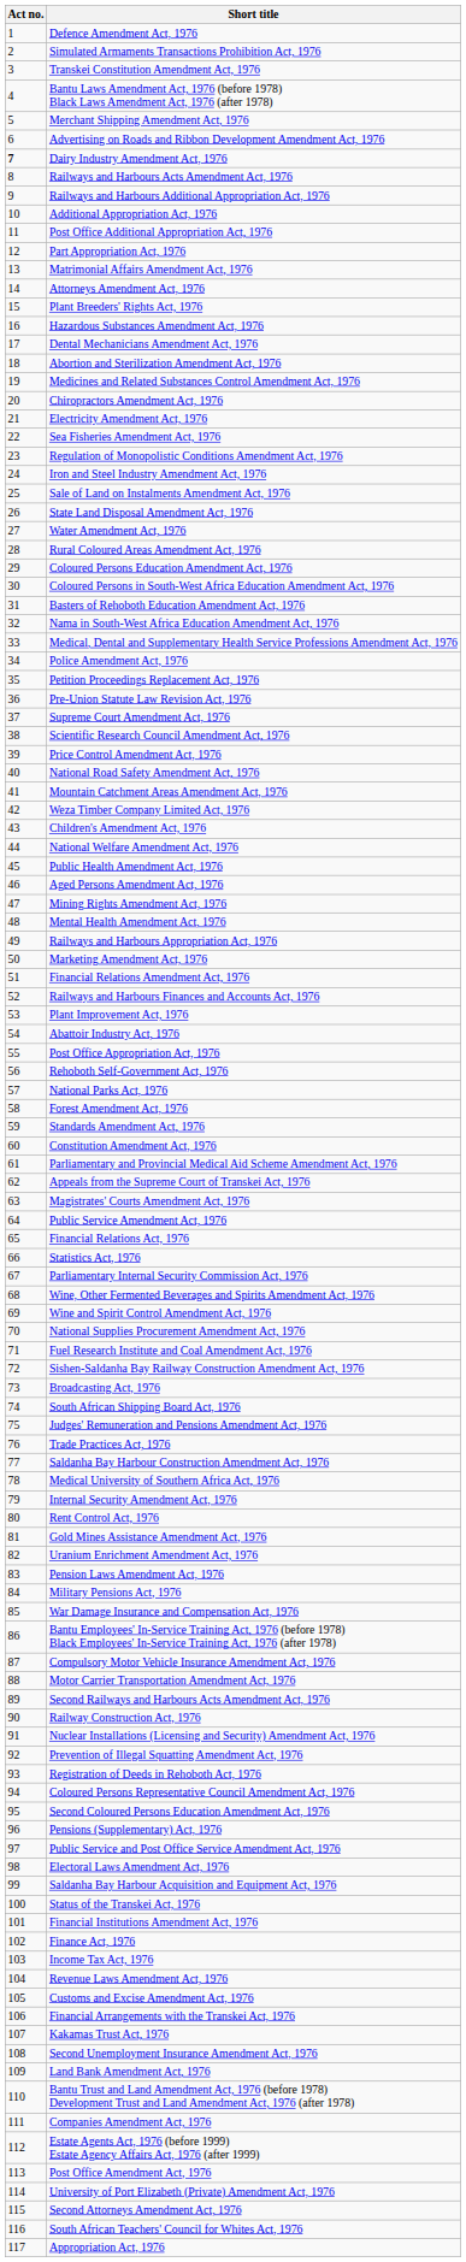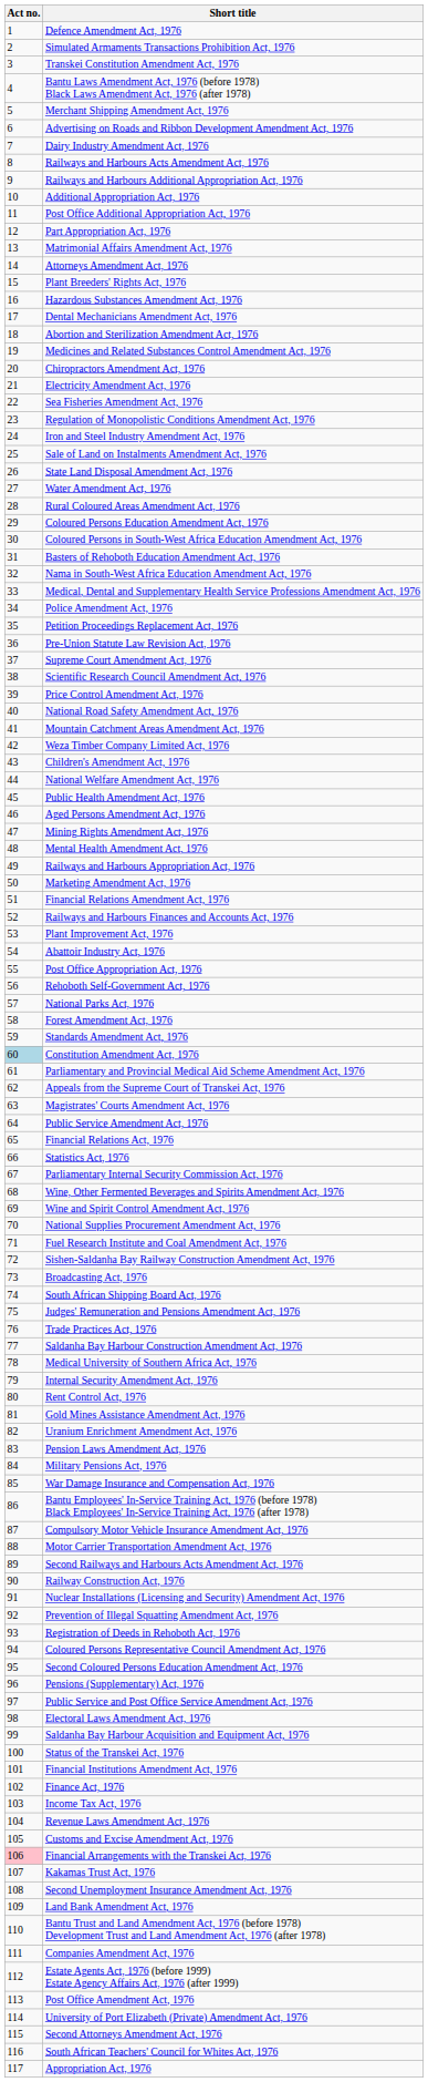 <table class="wikitable sortable">
 <tr>
 <th>Act no.</th>
 <th>Short title</th>
 </tr>
 <tr>
 <td>1</td>
 <td><a href='#'>Defence Amendment Act, 1976</a></td>
 </tr>
 <tr>
 <td>2</td>
 <td><a href='#'>Simulated Armaments Transactions Prohibition Act, 1976</a></td>
 </tr>
 <tr>
 <td>3</td>
 <td><a href='#'>Transkei Constitution Amendment Act, 1976</a></td>
 </tr>
 <tr>
 <td>4</td>
 <td><a href='#'>Bantu Laws Amendment Act, 1976</a> (before 1978) <br><a href='#'>Black Laws Amendment Act, 1976</a> (after 1978)</td>
 </tr>
 <tr>
 <td>5</td>
 <td><a href='#'>Merchant Shipping Amendment Act, 1976</a></td>
 </tr>
 <tr>
 <td>6</td>
 <td><a href='#'>Advertising on Roads and Ribbon Development Amendment Act, 1976</a></td>
 </tr>
 <tr>
-<td><strong>7</strong></td>
+<td>7</td>
 <td><a href='#'>Dairy Industry Amendment Act, 1976</a></td>
 </tr>
 <tr>
 <td>8</td>
 <td><a href='#'>Railways and Harbours Acts Amendment Act, 1976</a></td>
 </tr>
 <tr>
 <td>9</td>
 <td><a href='#'>Railways and Harbours Additional Appropriation Act, 1976</a></td>
 </tr>
 <tr>
 <td>10</td>
 <td><a href='#'>Additional Appropriation Act, 1976</a></td>
 </tr>
 <tr>
 <td>11</td>
 <td><a href='#'>Post Office Additional Appropriation Act, 1976</a></td>
 </tr>
 <tr>
 <td>12</td>
 <td><a href='#'>Part Appropriation Act, 1976</a></td>
 </tr>
 <tr>
 <td>13</td>
 <td><a href='#'>Matrimonial Affairs Amendment Act, 1976</a></td>
 </tr>
 <tr>
 <td>14</td>
 <td><a href='#'>Attorneys Amendment Act, 1976</a></td>
 </tr>
 <tr>
 <td>15</td>
 <td><a href='#'>Plant Breeders' Rights Act, 1976</a></td>
 </tr>
 <tr>
 <td>16</td>
 <td><a href='#'>Hazardous Substances Amendment Act, 1976</a></td>
 </tr>
 <tr>
 <td>17</td>
 <td><a href='#'>Dental Mechanicians Amendment Act, 1976</a></td>
 </tr>
 <tr>
 <td>18</td>
 <td><a href='#'>Abortion and Sterilization Amendment Act, 1976</a></td>
 </tr>
 <tr>
 <td>19</td>
 <td><a href='#'>Medicines and Related Substances Control Amendment Act, 1976</a></td>
 </tr>
 <tr>
 <td>20</td>
 <td><a href='#'>Chiropractors Amendment Act, 1976</a></td>
 </tr>
 <tr>
 <td>21</td>
 <td><a href='#'>Electricity Amendment Act, 1976</a></td>
 </tr>
 <tr>
 <td>22</td>
 <td><a href='#'>Sea Fisheries Amendment Act, 1976</a></td>
 </tr>
 <tr>
 <td>23</td>
 <td><a href='#'>Regulation of Monopolistic Conditions Amendment Act, 1976</a></td>
 </tr>
 <tr>
 <td>24</td>
 <td><a href='#'>Iron and Steel Industry Amendment Act, 1976</a></td>
 </tr>
 <tr>
 <td>25</td>
 <td><a href='#'>Sale of Land on Instalments Amendment Act, 1976</a></td>
 </tr>
 <tr>
 <td>26</td>
 <td><a href='#'>State Land Disposal Amendment Act, 1976</a></td>
 </tr>
 <tr>
 <td>27</td>
 <td><a href='#'>Water Amendment Act, 1976</a></td>
 </tr>
 <tr>
 <td>28</td>
 <td><a href='#'>Rural Coloured Areas Amendment Act, 1976</a></td>
 </tr>
 <tr>
 <td>29</td>
 <td><a href='#'>Coloured Persons Education Amendment Act, 1976</a></td>
 </tr>
 <tr>
 <td>30</td>
 <td><a href='#'>Coloured Persons in South-West Africa Education Amendment Act, 1976</a></td>
 </tr>
 <tr>
 <td>31</td>
 <td><a href='#'>Basters of Rehoboth Education Amendment Act, 1976</a></td>
 </tr>
 <tr>
 <td>32</td>
 <td><a href='#'>Nama in South-West Africa Education Amendment Act, 1976</a></td>
 </tr>
 <tr>
 <td>33</td>
 <td><a href='#'>Medical, Dental and Supplementary Health Service Professions Amendment Act, 1976</a></td>
 </tr>
 <tr>
 <td>34</td>
 <td><a href='#'>Police Amendment Act, 1976</a></td>
 </tr>
 <tr>
 <td>35</td>
 <td><a href='#'>Petition Proceedings Replacement Act, 1976</a></td>
 </tr>
 <tr>
 <td>36</td>
 <td><a href='#'>Pre-Union Statute Law Revision Act, 1976</a></td>
 </tr>
 <tr>
 <td>37</td>
 <td><a href='#'>Supreme Court Amendment Act, 1976</a></td>
 </tr>
 <tr>
 <td>38</td>
 <td><a href='#'>Scientific Research Council Amendment Act, 1976</a></td>
 </tr>
 <tr>
 <td>39</td>
 <td><a href='#'>Price Control Amendment Act, 1976</a></td>
 </tr>
 <tr>
 <td>40</td>
 <td><a href='#'>National Road Safety Amendment Act, 1976</a></td>
 </tr>
 <tr>
 <td>41</td>
 <td><a href='#'>Mountain Catchment Areas Amendment Act, 1976</a></td>
 </tr>
 <tr>
 <td>42</td>
 <td><a href='#'>Weza Timber Company Limited Act, 1976</a></td>
 </tr>
 <tr>
 <td>43</td>
 <td><a href='#'>Children's Amendment Act, 1976</a></td>
 </tr>
 <tr>
 <td>44</td>
 <td><a href='#'>National Welfare Amendment Act, 1976</a></td>
 </tr>
 <tr>
 <td>45</td>
 <td><a href='#'>Public Health Amendment Act, 1976</a></td>
 </tr>
 <tr>
 <td>46</td>
 <td><a href='#'>Aged Persons Amendment Act, 1976</a></td>
 </tr>
 <tr>
 <td>47</td>
 <td><a href='#'>Mining Rights Amendment Act, 1976</a></td>
 </tr>
 <tr>
 <td>48</td>
 <td><a href='#'>Mental Health Amendment Act, 1976</a></td>
 </tr>
 <tr>
 <td>49</td>
 <td><a href='#'>Railways and Harbours Appropriation Act, 1976</a></td>
 </tr>
 <tr>
 <td>50</td>
 <td><a href='#'>Marketing Amendment Act, 1976</a></td>
 </tr>
 <tr>
 <td>51</td>
 <td><a href='#'>Financial Relations Amendment Act, 1976</a></td>
 </tr>
 <tr>
 <td>52</td>
 <td><a href='#'>Railways and Harbours Finances and Accounts Act, 1976</a></td>
 </tr>
 <tr>
 <td>53</td>
 <td><a href='#'>Plant Improvement Act, 1976</a></td>
 </tr>
 <tr>
 <td>54</td>
 <td><a href='#'>Abattoir Industry Act, 1976</a></td>
 </tr>
 <tr>
 <td>55</td>
 <td><a href='#'>Post Office Appropriation Act, 1976</a></td>
 </tr>
 <tr>
 <td>56</td>
 <td><a href='#'>Rehoboth Self-Government Act, 1976</a></td>
 </tr>
 <tr>
 <td>57</td>
 <td><a href='#'>National Parks Act, 1976</a></td>
 </tr>
 <tr>
 <td>58</td>
 <td><a href='#'>Forest Amendment Act, 1976</a></td>
 </tr>
 <tr>
 <td>59</td>
 <td><a href='#'>Standards Amendment Act, 1976</a></td>
 </tr>
 <tr>
-<td>60</td>
+<td style="background: lightblue;">60</td>
 <td><a href='#'>Constitution Amendment Act, 1976</a></td>
 </tr>
 <tr>
 <td>61</td>
 <td><a href='#'>Parliamentary and Provincial Medical Aid Scheme Amendment Act, 1976</a></td>
 </tr>
 <tr>
 <td>62</td>
 <td><a href='#'>Appeals from the Supreme Court of Transkei Act, 1976</a></td>
 </tr>
 <tr>
 <td>63</td>
 <td><a href='#'>Magistrates' Courts Amendment Act, 1976</a></td>
 </tr>
 <tr>
 <td>64</td>
 <td><a href='#'>Public Service Amendment Act, 1976</a></td>
 </tr>
 <tr>
 <td>65</td>
 <td><a href='#'>Financial Relations Act, 1976</a></td>
 </tr>
 <tr>
 <td>66</td>
 <td><a href='#'>Statistics Act, 1976</a></td>
 </tr>
 <tr>
 <td>67</td>
 <td><a href='#'>Parliamentary Internal Security Commission Act, 1976</a></td>
 </tr>
 <tr>
 <td>68</td>
 <td><a href='#'>Wine, Other Fermented Beverages and Spirits Amendment Act, 1976</a></td>
 </tr>
 <tr>
 <td>69</td>
 <td><a href='#'>Wine and Spirit Control Amendment Act, 1976</a></td>
 </tr>
 <tr>
 <td>70</td>
 <td><a href='#'>National Supplies Procurement Amendment Act, 1976</a></td>
 </tr>
 <tr>
 <td>71</td>
 <td><a href='#'>Fuel Research Institute and Coal Amendment Act, 1976</a></td>
 </tr>
 <tr>
 <td>72</td>
 <td><a href='#'>Sishen-Saldanha Bay Railway Construction Amendment Act, 1976</a></td>
 </tr>
 <tr>
 <td>73</td>
 <td><a href='#'>Broadcasting Act, 1976</a></td>
 </tr>
 <tr>
 <td>74</td>
 <td><a href='#'>South African Shipping Board Act, 1976</a></td>
 </tr>
 <tr>
 <td>75</td>
 <td><a href='#'>Judges' Remuneration and Pensions Amendment Act, 1976</a></td>
 </tr>
 <tr>
 <td>76</td>
 <td><a href='#'>Trade Practices Act, 1976</a></td>
 </tr>
 <tr>
 <td>77</td>
 <td><a href='#'>Saldanha Bay Harbour Construction Amendment Act, 1976</a></td>
 </tr>
 <tr>
 <td>78</td>
 <td><a href='#'>Medical University of Southern Africa Act, 1976</a></td>
 </tr>
 <tr>
 <td>79</td>
 <td><a href='#'>Internal Security Amendment Act, 1976</a></td>
 </tr>
 <tr>
 <td>80</td>
 <td><a href='#'>Rent Control Act, 1976</a></td>
 </tr>
 <tr>
 <td>81</td>
 <td><a href='#'>Gold Mines Assistance Amendment Act, 1976</a></td>
 </tr>
 <tr>
 <td>82</td>
 <td><a href='#'>Uranium Enrichment Amendment Act, 1976</a></td>
 </tr>
 <tr>
 <td>83</td>
 <td><a href='#'>Pension Laws Amendment Act, 1976</a></td>
 </tr>
 <tr>
 <td>84</td>
 <td><a href='#'>Military Pensions Act, 1976</a></td>
 </tr>
 <tr>
 <td>85</td>
 <td><a href='#'>War Damage Insurance and Compensation Act, 1976</a></td>
 </tr>
 <tr>
 <td>86</td>
 <td><a href='#'>Bantu Employees' In-Service Training Act, 1976</a> (before 1978) <br><a href='#'>Black Employees' In-Service Training Act, 1976</a> (after 1978)</td>
 </tr>
 <tr>
 <td>87</td>
 <td><a href='#'>Compulsory Motor Vehicle Insurance Amendment Act, 1976</a></td>
 </tr>
 <tr>
 <td>88</td>
 <td><a href='#'>Motor Carrier Transportation Amendment Act, 1976</a></td>
 </tr>
 <tr>
 <td>89</td>
 <td><a href='#'>Second Railways and Harbours Acts Amendment Act, 1976</a></td>
 </tr>
 <tr>
 <td>90</td>
 <td><a href='#'>Railway Construction Act, 1976</a></td>
 </tr>
 <tr>
 <td>91</td>
 <td><a href='#'>Nuclear Installations (Licensing and Security) Amendment Act, 1976</a></td>
 </tr>
 <tr>
 <td>92</td>
 <td><a href='#'>Prevention of Illegal Squatting Amendment Act, 1976</a></td>
 </tr>
 <tr>
 <td>93</td>
 <td><a href='#'>Registration of Deeds in Rehoboth Act, 1976</a></td>
 </tr>
 <tr>
 <td>94</td>
 <td><a href='#'>Coloured Persons Representative Council Amendment Act, 1976</a></td>
 </tr>
 <tr>
 <td>95</td>
 <td><a href='#'>Second Coloured Persons Education Amendment Act, 1976</a></td>
 </tr>
 <tr>
 <td>96</td>
 <td><a href='#'>Pensions (Supplementary) Act, 1976</a></td>
 </tr>
 <tr>
 <td>97</td>
 <td><a href='#'>Public Service and Post Office Service Amendment Act, 1976</a></td>
 </tr>
 <tr>
 <td>98</td>
 <td><a href='#'>Electoral Laws Amendment Act, 1976</a></td>
 </tr>
 <tr>
 <td>99</td>
 <td><a href='#'>Saldanha Bay Harbour Acquisition and Equipment Act, 1976</a></td>
 </tr>
 <tr>
 <td>100</td>
 <td><a href='#'>Status of the Transkei Act, 1976</a></td>
 </tr>
 <tr>
 <td>101</td>
 <td><a href='#'>Financial Institutions Amendment Act, 1976</a></td>
 </tr>
 <tr>
 <td>102</td>
 <td><a href='#'>Finance Act, 1976</a></td>
 </tr>
 <tr>
 <td>103</td>
 <td><a href='#'>Income Tax Act, 1976</a></td>
 </tr>
 <tr>
 <td>104</td>
 <td><a href='#'>Revenue Laws Amendment Act, 1976</a></td>
 </tr>
 <tr>
 <td>105</td>
 <td><a href='#'>Customs and Excise Amendment Act, 1976</a></td>
 </tr>
 <tr>
-<td>106</td>
+<td style="background: pink;">106</td>
 <td><a href='#'>Financial Arrangements with the Transkei Act, 1976</a></td>
 </tr>
 <tr>
 <td>107</td>
 <td><a href='#'>Kakamas Trust Act, 1976</a></td>
 </tr>
 <tr>
 <td>108</td>
 <td><a href='#'>Second Unemployment Insurance Amendment Act, 1976</a></td>
 </tr>
 <tr>
 <td>109</td>
 <td><a href='#'>Land Bank Amendment Act, 1976</a></td>
 </tr>
 <tr>
 <td>110</td>
 <td><a href='#'>Bantu Trust and Land Amendment Act, 1976</a> (before 1978) <br><a href='#'>Development Trust and Land Amendment Act, 1976</a> (after 1978)</td>
 </tr>
 <tr>
 <td>111</td>
 <td><a href='#'>Companies Amendment Act, 1976</a></td>
 </tr>
 <tr>
 <td>112</td>
 <td><a href='#'>Estate Agents Act, 1976</a> (before 1999) <br><a href='#'>Estate Agency Affairs Act, 1976</a> (after 1999)</td>
 </tr>
 <tr>
 <td>113</td>
 <td><a href='#'>Post Office Amendment Act, 1976</a></td>
 </tr>
 <tr>
 <td>114</td>
 <td><a href='#'>University of Port Elizabeth (Private) Amendment Act, 1976</a></td>
 </tr>
 <tr>
 <td>115</td>
 <td><a href='#'>Second Attorneys Amendment Act, 1976</a></td>
 </tr>
 <tr>
 <td>116</td>
 <td><a href='#'>South African Teachers' Council for Whites Act, 1976</a></td>
 </tr>
 <tr>
 <td>117</td>
 <td><a href='#'>Appropriation Act, 1976</a></td>
 </tr>
 </table>
